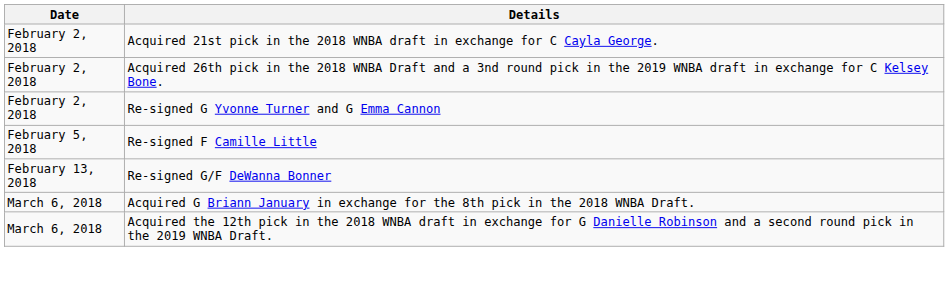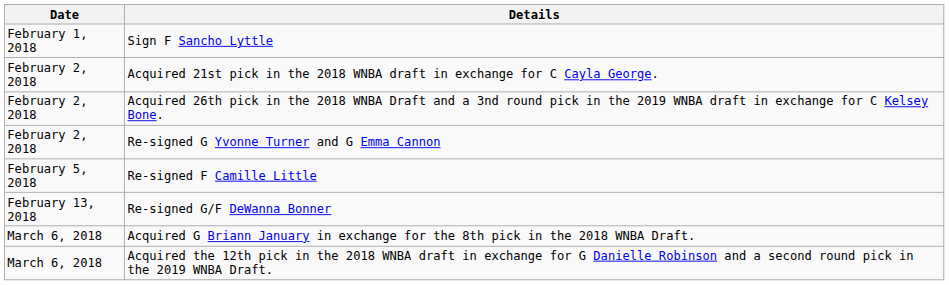 <table class="wikitable" style="width:80%">
 <tr>
 <th>Date</th>
 <th>Details</th>
+</tr>
+<tr>
+<td>February 1, 2018</td>
+<td>Sign F <a href='#'>Sancho Lyttle</a></td>
 </tr>
 <tr>
 <td>February 2, 2018</td>
 <td>Acquired 21st pick in the 2018 WNBA draft in exchange for C <a href='#'>Cayla George</a>.</td>
 </tr>
 <tr>
 <td>February 2, 2018</td>
 <td>Acquired 26th pick in the 2018 WNBA Draft and a 3nd round pick in the 2019 WNBA draft in exchange for C <a href='#'>Kelsey Bone</a>.</td>
 </tr>
 <tr>
 <td>February 2, 2018</td>
 <td>Re-signed G <a href='#'>Yvonne Turner</a> and G <a href='#'>Emma Cannon</a></td>
 </tr>
 <tr>
 <td>February 5, 2018</td>
 <td>Re-signed F <a href='#'>Camille Little</a></td>
 </tr>
 <tr>
 <td>February 13, 2018</td>
 <td>Re-signed G/F <a href='#'>DeWanna Bonner</a></td>
 </tr>
 <tr>
 <td>March 6, 2018</td>
 <td>Acquired G <a href='#'>Briann January</a> in exchange for the 8th pick in the 2018 WNBA Draft.</td>
 </tr>
 <tr>
 <td>March 6, 2018</td>
 <td>Acquired the 12th pick in the 2018 WNBA draft in exchange for G <a href='#'>Danielle Robinson</a> and a second round pick in the 2019 WNBA Draft.</td>
 </tr>
 </table>
